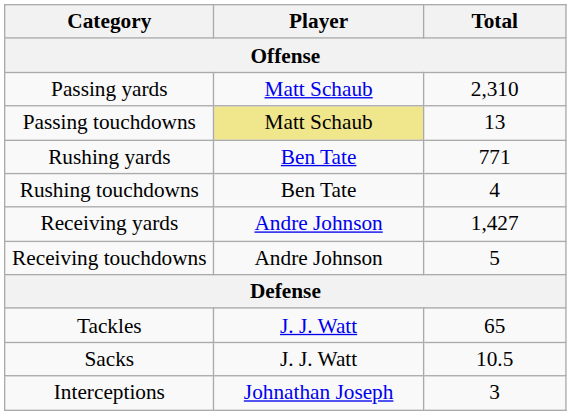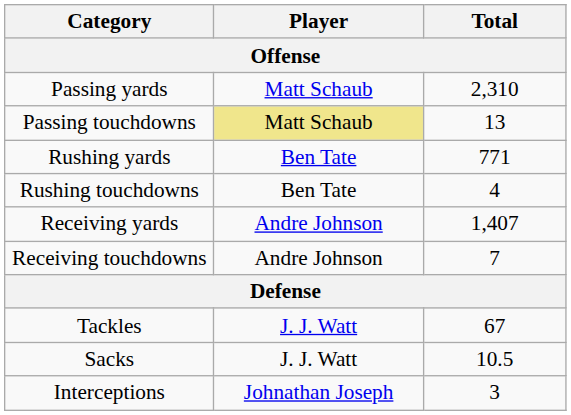 <table class="wikitable" style="text-align:center">
 <tr>
 <th width="150">Category</th>
 <th width="150">Player</th>
 <th width="100">Total</th>
 </tr>
 <tr>
 <th align="center" colspan="4">Offense</th>
 </tr>
 <tr>
 <td>Passing yards</td>
 <td><a href='#'>Matt Schaub</a></td>
 <td>2,310</td>
 </tr>
 <tr>
 <td>Passing touchdowns</td>
 <td style="background: khaki;">Matt Schaub</td>
 <td>13</td>
 </tr>
 <tr>
 <td>Rushing yards</td>
 <td><a href='#'>Ben Tate</a></td>
 <td>771</td>
 </tr>
 <tr>
 <td>Rushing touchdowns</td>
 <td>Ben Tate</td>
 <td>4</td>
 </tr>
 <tr>
 <td>Receiving yards</td>
 <td><a href='#'>Andre Johnson</a></td>
-<td>1,427</td>
+<td>1,407</td>
 </tr>
 <tr>
 <td>Receiving touchdowns</td>
 <td>Andre Johnson</td>
-<td>5</td>
+<td>7</td>
 </tr>
 <tr>
 <th align="center" colspan="4">Defense</th>
 </tr>
 <tr>
 <td>Tackles </td>
 <td><a href='#'>J. J. Watt</a></td>
-<td>65</td>
+<td>67</td>
 </tr>
 <tr>
 <td>Sacks</td>
 <td>J. J. Watt</td>
 <td>10.5</td>
 </tr>
 <tr>
 <td>Interceptions</td>
 <td><a href='#'>Johnathan Joseph</a></td>
 <td>3</td>
 </tr>
 </table>
